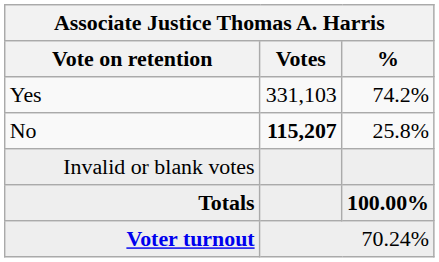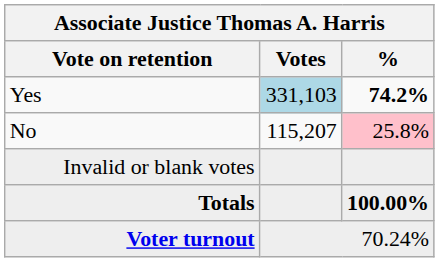 <table class="wikitable" style="font-size: 95%;">
 <tr style="background-color:#E9E9E9">
 <th colspan=7>Associate Justice Thomas A. Harris</th>
 </tr>
 <tr style="background-color:#E9E9E9">
 <th style="width: 170px">Vote on retention</th>
 <th style="width: 50px">Votes</th>
 <th style="width: 40px">%</th>
 </tr>
 <tr>
 <td>Yes</td>
-<td align="right">331,103</td>
-<td align="right">74.2%</td>
+<td align="right" style="background: lightblue;">331,103</td>
+<td align="right"><strong>74.2%</strong></td>
 </tr>
 <tr>
 <td>No</td>
-<td align="right"><strong>115,207</strong></td>
-<td align="right">25.8%</td>
+<td align="right">115,207</td>
+<td align="right" style="background: pink;">25.8%</td>
 </tr>
 <tr bgcolor="#EEEEEE">
 <td align="right">Invalid or blank votes</td>
 <td align="right"></td>
 <td align="right"></td>
 </tr>
 <tr bgcolor="#EEEEEE">
 <td align="right"><strong>Totals</strong></td>
 <td align="right"><strong></strong></td>
 <td align="right"><strong>100.00%</strong></td>
 </tr>
 <tr bgcolor="#EEEEEE">
 <td align="right"><strong><a href='#'>Voter turnout</a></strong></td>
 <td colspan="2" align="right">70.24%</td>
 </tr>
 </table>
